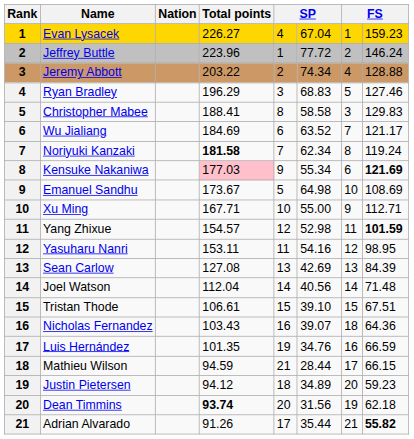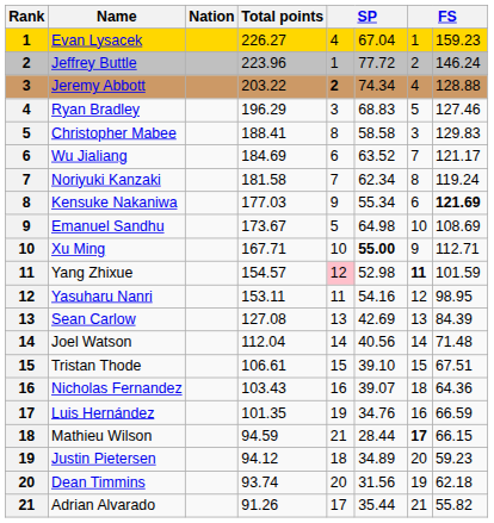 <table class="wikitable">
 <tr>
 <th>Rank</th>
 <th>Name</th>
 <th>Nation</th>
 <th>Total points</th>
 <th colspan="2" width="80px"><a href='#'>SP</a></th>
 <th colspan="2" width="80px"><a href='#'>FS</a></th>
 </tr>
 <tr bgcolor="gold">
 <td align="center"><strong>1</strong></td>
 <td><a href='#'>Evan Lysacek</a></td>
 <td></td>
 <td>226.27</td>
 <td>4</td>
 <td>67.04</td>
 <td>1</td>
 <td>159.23</td>
 </tr>
 <tr bgcolor="silver">
 <td align="center"><strong>2</strong></td>
 <td><a href='#'>Jeffrey Buttle</a></td>
 <td></td>
 <td>223.96</td>
 <td>1</td>
 <td>77.72</td>
 <td>2</td>
 <td>146.24</td>
 </tr>
 <tr bgcolor="cc9966">
 <td align="center"><strong>3</strong></td>
 <td><a href='#'>Jeremy Abbott</a></td>
 <td></td>
 <td>203.22</td>
-<td>2</td>
+<td><strong>2</strong></td>
 <td>74.34</td>
 <td>4</td>
 <td>128.88</td>
 </tr>
 <tr>
 <th>4</th>
 <td><a href='#'>Ryan Bradley</a></td>
 <td></td>
 <td>196.29</td>
 <td>3</td>
 <td>68.83</td>
 <td>5</td>
 <td>127.46</td>
 </tr>
 <tr>
 <th>5</th>
 <td><a href='#'>Christopher Mabee</a></td>
 <td></td>
 <td>188.41</td>
 <td>8</td>
 <td>58.58</td>
 <td>3</td>
 <td>129.83</td>
 </tr>
 <tr>
 <th>6</th>
 <td><a href='#'>Wu Jialiang</a></td>
 <td></td>
 <td>184.69</td>
 <td>6</td>
 <td>63.52</td>
 <td>7</td>
 <td>121.17</td>
 </tr>
 <tr>
 <th>7</th>
 <td><a href='#'>Noriyuki Kanzaki</a></td>
 <td></td>
-<td><strong>181.58</strong></td>
+<td>181.58</td>
 <td>7</td>
 <td>62.34</td>
 <td>8</td>
 <td>119.24</td>
 </tr>
 <tr>
 <th>8</th>
 <td><a href='#'>Kensuke Nakaniwa</a></td>
 <td></td>
-<td style="background: pink;">177.03</td>
+<td>177.03</td>
 <td>9</td>
 <td>55.34</td>
 <td>6</td>
 <td><strong>121.69</strong></td>
 </tr>
 <tr>
 <th>9</th>
 <td><a href='#'>Emanuel Sandhu</a></td>
 <td></td>
 <td>173.67</td>
 <td>5</td>
 <td>64.98</td>
 <td>10</td>
 <td>108.69</td>
 </tr>
 <tr>
 <th>10</th>
 <td><a href='#'>Xu Ming</a></td>
 <td></td>
 <td>167.71</td>
 <td>10</td>
-<td>55.00</td>
+<td><strong>55.00</strong></td>
 <td>9</td>
 <td>112.71</td>
 </tr>
 <tr>
 <th>11</th>
 <td>Yang Zhixue</td>
 <td></td>
 <td>154.57</td>
-<td>12</td>
+<td style="background: pink;">12</td>
 <td>52.98</td>
-<td>11</td>
-<td><strong>101.59</strong></td>
+<td><strong>11</strong></td>
+<td>101.59</td>
 </tr>
 <tr>
 <th>12</th>
 <td><a href='#'>Yasuharu Nanri</a></td>
 <td></td>
 <td>153.11</td>
 <td>11</td>
 <td>54.16</td>
 <td>12</td>
 <td>98.95</td>
 </tr>
 <tr>
 <th>13</th>
 <td><a href='#'>Sean Carlow</a></td>
 <td></td>
 <td>127.08</td>
 <td>13</td>
 <td>42.69</td>
 <td>13</td>
 <td>84.39</td>
 </tr>
 <tr>
 <th>14</th>
 <td>Joel Watson</td>
 <td></td>
 <td>112.04</td>
 <td>14</td>
 <td>40.56</td>
 <td>14</td>
 <td>71.48</td>
 </tr>
 <tr>
 <th>15</th>
 <td>Tristan Thode</td>
 <td></td>
 <td>106.61</td>
 <td>15</td>
 <td>39.10</td>
 <td>15</td>
 <td>67.51</td>
 </tr>
 <tr>
 <th>16</th>
 <td><a href='#'>Nicholas Fernandez</a></td>
 <td></td>
 <td>103.43</td>
 <td>16</td>
 <td>39.07</td>
 <td>18</td>
 <td>64.36</td>
 </tr>
 <tr>
 <th>17</th>
 <td><a href='#'>Luis Hernández</a></td>
 <td></td>
 <td>101.35</td>
 <td>19</td>
 <td>34.76</td>
 <td>16</td>
 <td>66.59</td>
 </tr>
 <tr>
 <th>18</th>
 <td>Mathieu Wilson</td>
 <td></td>
 <td>94.59</td>
 <td>21</td>
 <td>28.44</td>
-<td>17</td>
+<td><strong>17</strong></td>
 <td>66.15</td>
 </tr>
 <tr>
 <th>19</th>
 <td><a href='#'>Justin Pietersen</a></td>
 <td></td>
 <td>94.12</td>
 <td>18</td>
 <td>34.89</td>
 <td>20</td>
 <td>59.23</td>
 </tr>
 <tr>
 <th>20</th>
 <td><a href='#'>Dean Timmins</a></td>
 <td></td>
-<td><strong>93.74</strong></td>
+<td>93.74</td>
 <td>20</td>
 <td>31.56</td>
 <td>19</td>
 <td>62.18</td>
 </tr>
 <tr>
 <th>21</th>
 <td>Adrian Alvarado</td>
 <td></td>
 <td>91.26</td>
 <td>17</td>
 <td>35.44</td>
 <td>21</td>
-<td><strong>55.82</strong></td>
+<td>55.82</td>
 </tr>
 </table>
